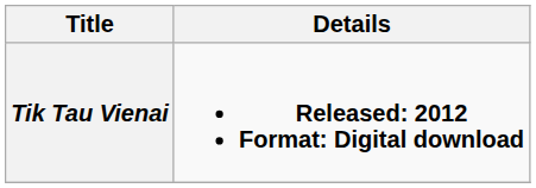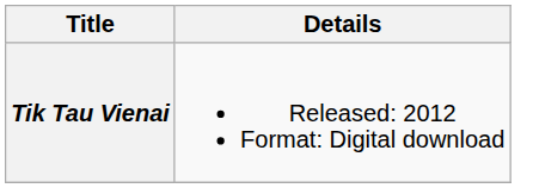 <table class="wikitable plainrowheaders" style="text-align:center;">
 <tr>
 <th scope="col">Title</th>
 <th scope="col">Details</th>
 </tr>
 <tr>
 <th scope="row"><em>Tik Tau Vienai</em></th>
-<td><strong><br><ul><li>Released: 2012</li><li>Format: Digital download</li></ul></strong></td>
+<td><br><ul><li>Released: 2012</li><li>Format: Digital download</li></ul></td>
 </tr>
 <tr>
 </tr>
 </table>
